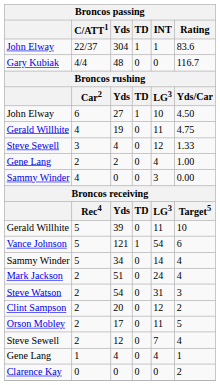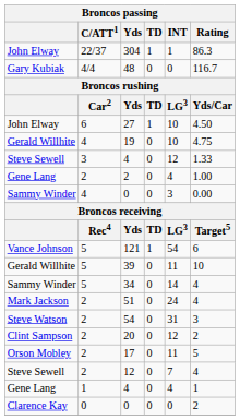 <table class="wikitable">
 <tr>
 <th colspan="6">Broncos passing</th>
 </tr>
 <tr>
 <th></th>
 <th>C/ATT<sup>1</sup></th>
 <th>Yds</th>
 <th>TD</th>
 <th>INT</th>
 <th>Rating</th>
 </tr>
 <tr>
 <td><a href='#'>John Elway</a></td>
 <td>22/37</td>
 <td>304</td>
 <td>1</td>
 <td>1</td>
-<td>83.6</td>
+<td>86.3</td>
 </tr>
 <tr>
 <td><a href='#'>Gary Kubiak</a></td>
 <td>4/4</td>
 <td>48</td>
 <td>0</td>
 <td>0</td>
 <td>116.7</td>
 </tr>
 <tr>
 <th colspan="6">Broncos rushing</th>
 </tr>
 <tr>
 <th></th>
 <th>Car<sup>2</sup></th>
 <th>Yds</th>
 <th>TD</th>
 <th>LG<sup>3</sup></th>
 <th>Yds/Car</th>
 </tr>
 <tr>
 <td>John Elway</td>
 <td>6</td>
 <td>27</td>
 <td>1</td>
 <td>10</td>
 <td>4.50</td>
 </tr>
 <tr>
 <td><a href='#'>Gerald Willhite</a></td>
 <td>4</td>
 <td>19</td>
 <td>0</td>
-<td>11</td>
+<td>10</td>
 <td>4.75</td>
 </tr>
 <tr>
 <td><a href='#'>Steve Sewell</a></td>
 <td>3</td>
 <td>4</td>
 <td>0</td>
 <td>12</td>
 <td>1.33</td>
 </tr>
 <tr>
 <td><a href='#'>Gene Lang</a></td>
 <td>2</td>
 <td>2</td>
 <td>0</td>
 <td>4</td>
 <td>1.00</td>
 </tr>
 <tr>
 <td><a href='#'>Sammy Winder</a></td>
 <td>4</td>
 <td>0</td>
 <td>0</td>
 <td>3</td>
 <td>0.00</td>
 </tr>
 <tr>
 <th colspan="6">Broncos receiving</th>
 </tr>
 <tr>
 <th></th>
 <th>Rec<sup>4</sup></th>
 <th>Yds</th>
 <th>TD</th>
 <th>LG<sup>3</sup></th>
 <th>Target<sup>5</sup></th>
 </tr>
 <tr>
+<td><a href='#'>Vance Johnson</a></td>
+<td>5</td>
+<td>121</td>
+<td>1</td>
+<td>54</td>
+<td>6</td>
+</tr>
+<tr>
 <td>Gerald Willhite</td>
 <td>5</td>
 <td>39</td>
 <td>0</td>
 <td>11</td>
 <td>10</td>
-</tr>
-<tr>
-<td><a href='#'>Vance Johnson</a></td>
-<td>5</td>
-<td>121</td>
-<td>1</td>
-<td>54</td>
-<td>6</td>
 </tr>
 <tr>
 <td>Sammy Winder</td>
 <td>5</td>
 <td>34</td>
 <td>0</td>
 <td>14</td>
 <td>4</td>
 </tr>
 <tr>
 <td><a href='#'>Mark Jackson</a></td>
 <td>2</td>
 <td>51</td>
 <td>0</td>
 <td>24</td>
 <td>4</td>
 </tr>
 <tr>
 <td><a href='#'>Steve Watson</a></td>
 <td>2</td>
 <td>54</td>
 <td>0</td>
 <td>31</td>
 <td>3</td>
 </tr>
 <tr>
 <td><a href='#'>Clint Sampson</a></td>
 <td>2</td>
 <td>20</td>
 <td>0</td>
 <td>12</td>
 <td>2</td>
 </tr>
 <tr>
 <td><a href='#'>Orson Mobley</a></td>
 <td>2</td>
 <td>17</td>
 <td>0</td>
 <td>11</td>
 <td>5</td>
 </tr>
 <tr>
 <td>Steve Sewell</td>
 <td>2</td>
 <td>12</td>
 <td>0</td>
 <td>7</td>
 <td>4</td>
 </tr>
 <tr>
 <td>Gene Lang</td>
 <td>1</td>
 <td>4</td>
 <td>0</td>
 <td>4</td>
 <td>1</td>
 </tr>
 <tr>
 <td><a href='#'>Clarence Kay</a></td>
 <td>0</td>
 <td>0</td>
 <td>0</td>
 <td>0</td>
 <td>2</td>
 </tr>
 <tr>
 </tr>
 </table>
